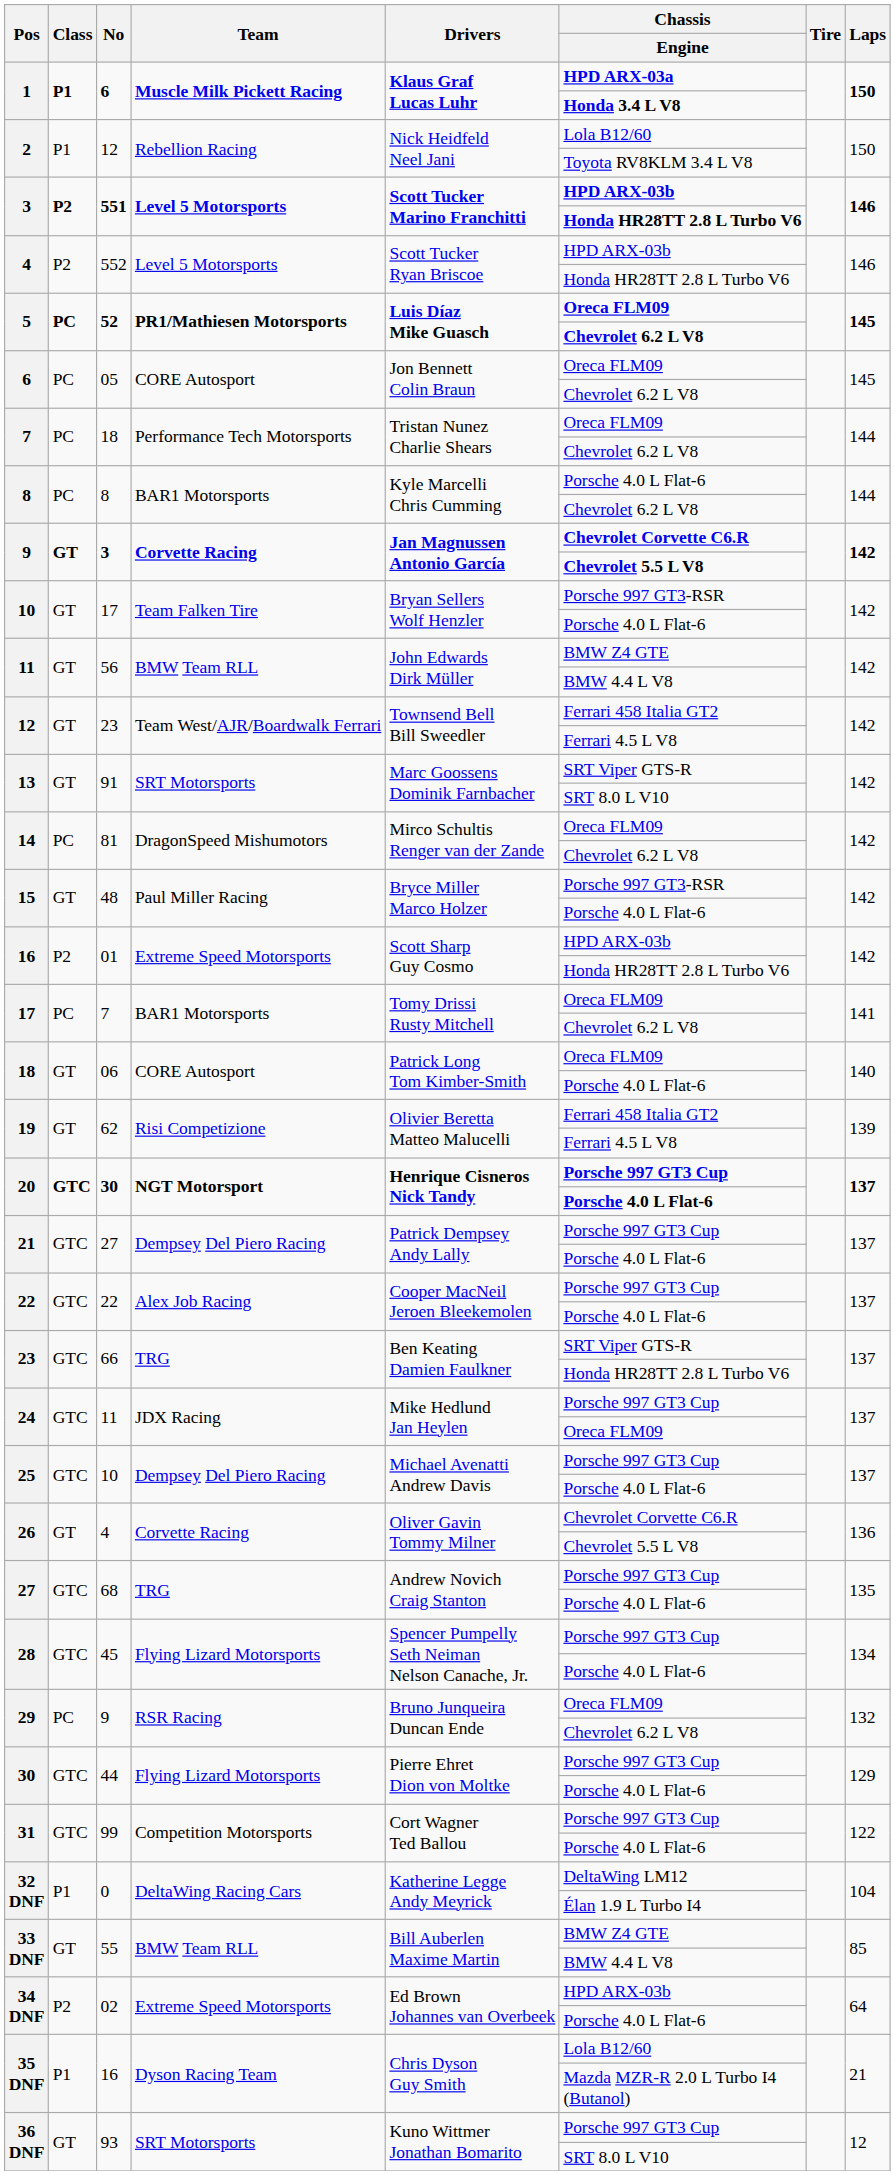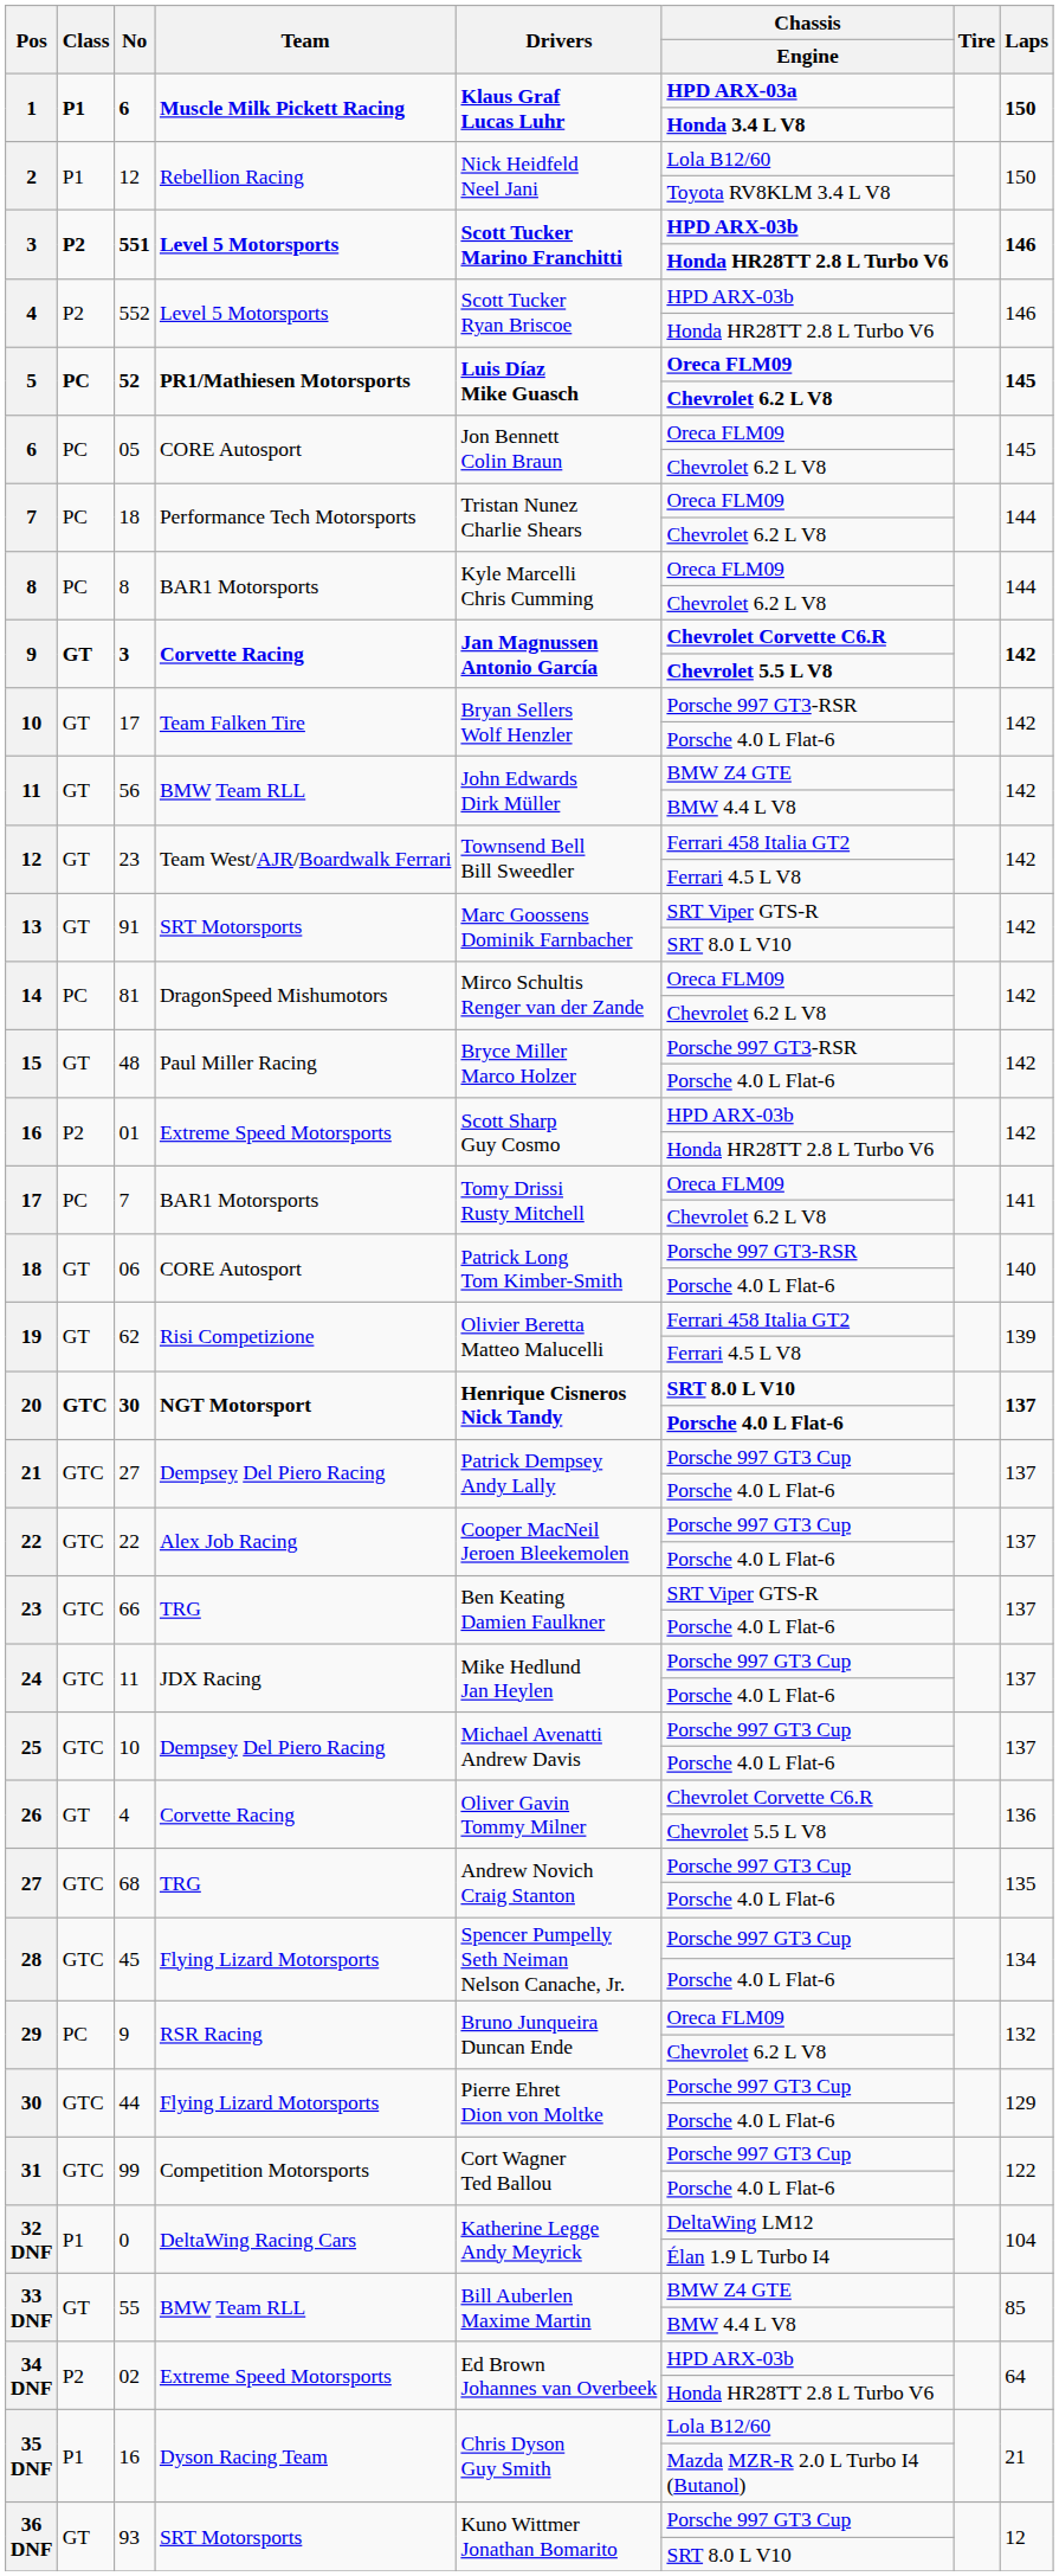 <table class="wikitable" style="font-size: 95%;">
 <tr>
 <th rowspan=2>Pos</th>
 <th rowspan=2>Class</th>
 <th rowspan=2>No</th>
 <th rowspan=2>Team</th>
 <th rowspan=2>Drivers</th>
 <th>Chassis</th>
 <th rowspan=2>Tire</th>
 <th rowspan=2>Laps</th>
 </tr>
 <tr>
 <th>Engine</th>
 </tr>
 <tr style="font-weight:bold">
 <th rowspan=2>1</th>
 <td rowspan=2>P1</td>
 <td rowspan=2>6</td>
 <td rowspan=2> <a href='#'>Muscle Milk Pickett Racing</a></td>
 <td rowspan=2> <a href='#'>Klaus Graf</a><br> <a href='#'>Lucas Luhr</a></td>
 <td><a href='#'>HPD ARX-03a</a></td>
 <td rowspan=2></td>
 <td rowspan=2>150</td>
 </tr>
 <tr style="font-weight:bold">
 <td><a href='#'>Honda</a> 3.4 L V8</td>
 </tr>
 <tr>
 <th rowspan=2>2</th>
 <td rowspan=2>P1</td>
 <td rowspan=2>12</td>
 <td rowspan=2> <a href='#'>Rebellion Racing</a></td>
 <td rowspan=2> <a href='#'>Nick Heidfeld</a><br> <a href='#'>Neel Jani</a></td>
 <td><a href='#'>Lola B12/60</a></td>
 <td rowspan=2></td>
 <td rowspan=2>150</td>
 </tr>
 <tr>
 <td><a href='#'>Toyota</a> RV8KLM 3.4 L V8</td>
 </tr>
 <tr style="font-weight:bold">
 <th rowspan=2>3</th>
 <td rowspan=2>P2</td>
 <td rowspan=2>551</td>
 <td rowspan=2> <a href='#'>Level 5 Motorsports</a></td>
 <td rowspan=2> <a href='#'>Scott Tucker</a><br> <a href='#'>Marino Franchitti</a></td>
 <td><a href='#'>HPD ARX-03b</a></td>
 <td rowspan=2></td>
 <td rowspan=2>146</td>
 </tr>
 <tr style="font-weight:bold">
 <td><a href='#'>Honda</a> HR28TT 2.8 L Turbo V6</td>
 </tr>
 <tr>
 <th rowspan=2>4</th>
 <td rowspan=2>P2</td>
 <td rowspan=2>552</td>
 <td rowspan=2> <a href='#'>Level 5 Motorsports</a></td>
 <td rowspan=2> <a href='#'>Scott Tucker</a><br> <a href='#'>Ryan Briscoe</a></td>
 <td><a href='#'>HPD ARX-03b</a></td>
 <td rowspan=2></td>
 <td rowspan=2>146</td>
 </tr>
 <tr>
 <td><a href='#'>Honda</a> HR28TT 2.8 L Turbo V6</td>
 </tr>
 <tr style="font-weight:bold">
 <th rowspan=2>5</th>
 <td rowspan=2>PC</td>
 <td rowspan=2>52</td>
 <td rowspan=2> PR1/Mathiesen Motorsports</td>
 <td rowspan=2> <a href='#'>Luis Díaz</a><br> Mike Guasch</td>
 <td><a href='#'>Oreca FLM09</a></td>
 <td rowspan=2></td>
 <td rowspan=2>145</td>
 </tr>
 <tr style="font-weight:bold">
 <td><a href='#'>Chevrolet</a> 6.2 L V8</td>
 </tr>
 <tr>
 <th rowspan=2>6</th>
 <td rowspan=2>PC</td>
 <td rowspan=2>05</td>
 <td rowspan=2> CORE Autosport</td>
 <td rowspan=2> Jon Bennett<br> <a href='#'>Colin Braun</a></td>
 <td><a href='#'>Oreca FLM09</a></td>
 <td rowspan=2></td>
 <td rowspan=2>145</td>
 </tr>
 <tr>
 <td><a href='#'>Chevrolet</a> 6.2 L V8</td>
 </tr>
 <tr>
 <th rowspan=2>7</th>
 <td rowspan=2>PC</td>
 <td rowspan=2>18</td>
 <td rowspan=2> Performance Tech Motorsports</td>
 <td rowspan=2> Tristan Nunez<br> Charlie Shears</td>
 <td><a href='#'>Oreca FLM09</a></td>
 <td rowspan=2></td>
 <td rowspan=2>144</td>
 </tr>
 <tr>
 <td><a href='#'>Chevrolet</a> 6.2 L V8</td>
 </tr>
 <tr>
 <th rowspan=2>8</th>
 <td rowspan=2>PC</td>
 <td rowspan=2>8</td>
 <td rowspan=2> BAR1 Motorsports</td>
 <td rowspan=2> Kyle Marcelli<br> Chris Cumming</td>
-<td><a href='#'>Porsche</a> 4.0 L Flat-6</td>
+<td><a href='#'>Oreca FLM09</a></td>
 <td rowspan=2></td>
 <td rowspan=2>144</td>
 </tr>
 <tr>
 <td><a href='#'>Chevrolet</a> 6.2 L V8</td>
 </tr>
 <tr style="font-weight:bold">
 <th rowspan=2>9</th>
 <td rowspan=2>GT</td>
 <td rowspan=2>3</td>
 <td rowspan=2> <a href='#'>Corvette Racing</a></td>
 <td rowspan=2> <a href='#'>Jan Magnussen</a><br> <a href='#'>Antonio García</a></td>
 <td><a href='#'>Chevrolet Corvette C6.R</a></td>
 <td rowspan=2></td>
 <td rowspan=2>142</td>
 </tr>
 <tr style="font-weight:bold">
 <td><a href='#'>Chevrolet</a> 5.5 L V8</td>
 </tr>
 <tr>
 <th rowspan=2>10</th>
 <td rowspan=2>GT</td>
 <td rowspan=2>17</td>
 <td rowspan=2> <a href='#'>Team Falken Tire</a></td>
 <td rowspan=2> <a href='#'>Bryan Sellers</a><br> <a href='#'>Wolf Henzler</a></td>
 <td><a href='#'>Porsche 997 GT3</a>-RSR</td>
 <td rowspan=2></td>
 <td rowspan=2>142</td>
 </tr>
 <tr>
 <td><a href='#'>Porsche</a> 4.0 L Flat-6</td>
 </tr>
 <tr>
 <th rowspan=2>11</th>
 <td rowspan=2>GT</td>
 <td rowspan=2>56</td>
 <td rowspan=2> <a href='#'>BMW</a> <a href='#'>Team RLL</a></td>
 <td rowspan=2> <a href='#'>John Edwards</a><br> <a href='#'>Dirk Müller</a></td>
 <td><a href='#'>BMW Z4 GTE</a></td>
 <td rowspan=2></td>
 <td rowspan=2>142</td>
 </tr>
 <tr>
 <td><a href='#'>BMW</a> 4.4 L V8</td>
 </tr>
 <tr>
 <th rowspan=2>12</th>
 <td rowspan=2>GT</td>
 <td rowspan=2>23</td>
 <td rowspan=2> Team West/<a href='#'>AJR</a>/<a href='#'>Boardwalk Ferrari</a></td>
 <td rowspan=2> <a href='#'>Townsend Bell</a><br> Bill Sweedler</td>
 <td><a href='#'>Ferrari 458 Italia GT2</a></td>
 <td rowspan=2></td>
 <td rowspan=2>142</td>
 </tr>
 <tr>
 <td><a href='#'>Ferrari</a> 4.5 L V8</td>
 </tr>
 <tr>
 <th rowspan=2>13</th>
 <td rowspan=2>GT</td>
 <td rowspan=2>91</td>
 <td rowspan=2> <a href='#'>SRT Motorsports</a></td>
 <td rowspan=2> <a href='#'>Marc Goossens</a><br> <a href='#'>Dominik Farnbacher</a></td>
 <td><a href='#'>SRT Viper</a> GTS-R</td>
 <td rowspan=2></td>
 <td rowspan=2>142</td>
 </tr>
 <tr>
 <td><a href='#'>SRT</a> 8.0 L V10</td>
 </tr>
 <tr>
 <th rowspan=2>14</th>
 <td rowspan=2>PC</td>
 <td rowspan=2>81</td>
 <td rowspan=2> DragonSpeed Mishumotors</td>
 <td rowspan=2> Mirco Schultis<br> <a href='#'>Renger van der Zande</a></td>
 <td><a href='#'>Oreca FLM09</a></td>
 <td rowspan=2></td>
 <td rowspan=2>142</td>
 </tr>
 <tr>
 <td><a href='#'>Chevrolet</a> 6.2 L V8</td>
 </tr>
 <tr>
 <th rowspan=2>15</th>
 <td rowspan=2>GT</td>
 <td rowspan=2>48</td>
 <td rowspan=2> Paul Miller Racing</td>
 <td rowspan=2> <a href='#'>Bryce Miller</a><br> <a href='#'>Marco Holzer</a></td>
 <td><a href='#'>Porsche 997 GT3</a>-RSR</td>
 <td rowspan=2></td>
 <td rowspan=2>142</td>
 </tr>
 <tr>
 <td><a href='#'>Porsche</a> 4.0 L Flat-6</td>
 </tr>
 <tr>
 <th rowspan=2>16</th>
 <td rowspan=2>P2</td>
 <td rowspan=2>01</td>
 <td rowspan=2> <a href='#'>Extreme Speed Motorsports</a></td>
 <td rowspan=2> <a href='#'>Scott Sharp</a><br> Guy Cosmo</td>
 <td><a href='#'>HPD ARX-03b</a></td>
 <td rowspan=2></td>
 <td rowspan=2>142</td>
 </tr>
 <tr>
 <td><a href='#'>Honda</a> HR28TT 2.8 L Turbo V6</td>
 </tr>
 <tr>
 <th rowspan=2>17</th>
 <td rowspan=2>PC</td>
 <td rowspan=2>7</td>
 <td rowspan=2> BAR1 Motorsports</td>
 <td rowspan=2> <a href='#'>Tomy Drissi</a><br> <a href='#'>Rusty Mitchell</a></td>
 <td><a href='#'>Oreca FLM09</a></td>
 <td rowspan=2></td>
 <td rowspan=2>141</td>
 </tr>
 <tr>
 <td><a href='#'>Chevrolet</a> 6.2 L V8</td>
 </tr>
 <tr>
 <th rowspan=2>18</th>
 <td rowspan=2>GT</td>
 <td rowspan=2>06</td>
 <td rowspan=2> CORE Autosport</td>
 <td rowspan=2> <a href='#'>Patrick Long</a><br> <a href='#'>Tom Kimber-Smith</a></td>
-<td><a href='#'>Oreca FLM09</a></td>
+<td><a href='#'>Porsche 997 GT3-RSR</a></td>
 <td rowspan=2></td>
 <td rowspan=2>140</td>
 </tr>
 <tr>
 <td><a href='#'>Porsche</a> 4.0 L Flat-6</td>
 </tr>
 <tr>
 <th rowspan=2>19</th>
 <td rowspan=2>GT</td>
 <td rowspan=2>62</td>
 <td rowspan=2> <a href='#'>Risi Competizione</a></td>
 <td rowspan=2> <a href='#'>Olivier Beretta</a><br> Matteo Malucelli</td>
 <td><a href='#'>Ferrari 458 Italia GT2</a></td>
 <td rowspan=2></td>
 <td rowspan=2>139</td>
 </tr>
 <tr>
 <td><a href='#'>Ferrari</a> 4.5 L V8</td>
 </tr>
 <tr style="font-weight:bold">
 <th rowspan=2>20</th>
 <td rowspan=2>GTC</td>
 <td rowspan=2>30</td>
 <td rowspan=2> NGT Motorsport</td>
 <td rowspan=2> Henrique Cisneros<br> <a href='#'>Nick Tandy</a></td>
-<td><a href='#'>Porsche 997 GT3 Cup</a></td>
+<td><a href='#'>SRT</a> 8.0 L V10</td>
 <td rowspan=2></td>
 <td rowspan=2>137</td>
 </tr>
 <tr style="font-weight:bold">
 <td><a href='#'>Porsche</a> 4.0 L Flat-6</td>
 </tr>
 <tr>
 <th rowspan=2>21</th>
 <td rowspan=2>GTC</td>
 <td rowspan=2>27</td>
 <td rowspan=2> <a href='#'>Dempsey</a> <a href='#'>Del Piero Racing</a></td>
 <td rowspan=2> <a href='#'>Patrick Dempsey</a><br> <a href='#'>Andy Lally</a></td>
 <td><a href='#'>Porsche 997 GT3 Cup</a></td>
 <td rowspan=2></td>
 <td rowspan=2>137</td>
 </tr>
 <tr>
 <td><a href='#'>Porsche</a> 4.0 L Flat-6</td>
 </tr>
 <tr>
 <th rowspan=2>22</th>
 <td rowspan=2>GTC</td>
 <td rowspan=2>22</td>
 <td rowspan=2> <a href='#'>Alex Job Racing</a></td>
 <td rowspan=2> <a href='#'>Cooper MacNeil</a><br> <a href='#'>Jeroen Bleekemolen</a></td>
 <td><a href='#'>Porsche 997 GT3 Cup</a></td>
 <td rowspan=2></td>
 <td rowspan=2>137</td>
 </tr>
 <tr>
 <td><a href='#'>Porsche</a> 4.0 L Flat-6</td>
 </tr>
 <tr>
 <th rowspan=2>23</th>
 <td rowspan=2>GTC</td>
 <td rowspan=2>66</td>
 <td rowspan=2> <a href='#'>TRG</a></td>
 <td rowspan=2> Ben Keating<br> <a href='#'>Damien Faulkner</a></td>
 <td><a href='#'>SRT Viper</a> GTS-R</td>
 <td rowspan=2></td>
 <td rowspan=2>137</td>
 </tr>
 <tr>
-<td><a href='#'>Honda</a> HR28TT 2.8 L Turbo V6</td>
+<td><a href='#'>Porsche</a> 4.0 L Flat-6</td>
 </tr>
 <tr>
 <th rowspan=2>24</th>
 <td rowspan=2>GTC</td>
 <td rowspan=2>11</td>
 <td rowspan=2> JDX Racing</td>
 <td rowspan=2> Mike Hedlund<br> <a href='#'>Jan Heylen</a></td>
 <td><a href='#'>Porsche 997 GT3 Cup</a></td>
 <td rowspan=2></td>
 <td rowspan=2>137</td>
 </tr>
 <tr>
-<td><a href='#'>Oreca FLM09</a></td>
+<td><a href='#'>Porsche</a> 4.0 L Flat-6</td>
 </tr>
 <tr>
 <th rowspan=2>25</th>
 <td rowspan=2>GTC</td>
 <td rowspan=2>10</td>
 <td rowspan=2> <a href='#'>Dempsey</a> <a href='#'>Del Piero Racing</a></td>
 <td rowspan=2> <a href='#'>Michael Avenatti</a><br> Andrew Davis</td>
 <td><a href='#'>Porsche 997 GT3 Cup</a></td>
 <td rowspan=2></td>
 <td rowspan=2>137</td>
 </tr>
 <tr>
 <td><a href='#'>Porsche</a> 4.0 L Flat-6</td>
 </tr>
 <tr>
 <th rowspan=2>26</th>
 <td rowspan=2>GT</td>
 <td rowspan=2>4</td>
 <td rowspan=2> <a href='#'>Corvette Racing</a></td>
 <td rowspan=2> <a href='#'>Oliver Gavin</a><br> <a href='#'>Tommy Milner</a></td>
 <td><a href='#'>Chevrolet Corvette C6.R</a></td>
 <td rowspan=2></td>
 <td rowspan=2>136</td>
 </tr>
 <tr>
 <td><a href='#'>Chevrolet</a> 5.5 L V8</td>
 </tr>
 <tr>
 <th rowspan=2>27</th>
 <td rowspan=2>GTC</td>
 <td rowspan=2>68</td>
 <td rowspan=2> <a href='#'>TRG</a></td>
 <td rowspan=2> Andrew Novich<br> <a href='#'>Craig Stanton</a></td>
 <td><a href='#'>Porsche 997 GT3 Cup</a></td>
 <td rowspan=2></td>
 <td rowspan=2>135</td>
 </tr>
 <tr>
 <td><a href='#'>Porsche</a> 4.0 L Flat-6</td>
 </tr>
 <tr>
 <th rowspan=2>28</th>
 <td rowspan=2>GTC</td>
 <td rowspan=2>45</td>
 <td rowspan=2> <a href='#'>Flying Lizard Motorsports</a></td>
 <td rowspan=2> <a href='#'>Spencer Pumpelly</a><br> <a href='#'>Seth Neiman</a><br> Nelson Canache, Jr.</td>
 <td><a href='#'>Porsche 997 GT3 Cup</a></td>
 <td rowspan=2></td>
 <td rowspan=2>134</td>
 </tr>
 <tr>
 <td><a href='#'>Porsche</a> 4.0 L Flat-6</td>
 </tr>
 <tr>
 <th rowspan=2>29</th>
 <td rowspan=2>PC</td>
 <td rowspan=2>9</td>
 <td rowspan=2> <a href='#'>RSR Racing</a></td>
 <td rowspan=2> <a href='#'>Bruno Junqueira</a><br> Duncan Ende</td>
 <td><a href='#'>Oreca FLM09</a></td>
 <td rowspan=2></td>
 <td rowspan=2>132</td>
 </tr>
 <tr>
 <td><a href='#'>Chevrolet</a> 6.2 L V8</td>
 </tr>
 <tr>
 <th rowspan=2>30</th>
 <td rowspan=2>GTC</td>
 <td rowspan=2>44</td>
 <td rowspan=2> <a href='#'>Flying Lizard Motorsports</a></td>
 <td rowspan=2> Pierre Ehret<br> <a href='#'>Dion von Moltke</a></td>
 <td><a href='#'>Porsche 997 GT3 Cup</a></td>
 <td rowspan=2></td>
 <td rowspan=2>129</td>
 </tr>
 <tr>
 <td><a href='#'>Porsche</a> 4.0 L Flat-6</td>
 </tr>
 <tr>
 <th rowspan=2>31</th>
 <td rowspan=2>GTC</td>
 <td rowspan=2>99</td>
 <td rowspan=2> Competition Motorsports</td>
 <td rowspan=2> Cort Wagner<br> Ted Ballou</td>
 <td><a href='#'>Porsche 997 GT3 Cup</a></td>
 <td rowspan=2></td>
 <td rowspan=2>122</td>
 </tr>
 <tr>
 <td><a href='#'>Porsche</a> 4.0 L Flat-6</td>
 </tr>
 <tr>
 <th rowspan=2>32<br>DNF</th>
 <td rowspan=2>P1</td>
 <td rowspan=2>0</td>
 <td rowspan=2> <a href='#'>DeltaWing Racing Cars</a></td>
 <td rowspan=2> <a href='#'>Katherine Legge</a><br> <a href='#'>Andy Meyrick</a></td>
 <td><a href='#'>DeltaWing</a> LM12</td>
 <td rowspan=2></td>
 <td rowspan=2>104</td>
 </tr>
 <tr>
 <td><a href='#'>Élan</a> 1.9 L Turbo I4</td>
 </tr>
 <tr>
 <th rowspan=2>33<br>DNF</th>
 <td rowspan=2>GT</td>
 <td rowspan=2>55</td>
 <td rowspan=2> <a href='#'>BMW</a> <a href='#'>Team RLL</a></td>
 <td rowspan=2> <a href='#'>Bill Auberlen</a><br> <a href='#'>Maxime Martin</a></td>
 <td><a href='#'>BMW Z4 GTE</a></td>
 <td rowspan=2></td>
 <td rowspan=2>85</td>
 </tr>
 <tr>
 <td><a href='#'>BMW</a> 4.4 L V8</td>
 </tr>
 <tr>
 <th rowspan=2>34<br>DNF</th>
 <td rowspan=2>P2</td>
 <td rowspan=2>02</td>
 <td rowspan=2> <a href='#'>Extreme Speed Motorsports</a></td>
 <td rowspan=2> Ed Brown<br> <a href='#'>Johannes van Overbeek</a></td>
 <td><a href='#'>HPD ARX-03b</a></td>
 <td rowspan=2></td>
 <td rowspan=2>64</td>
 </tr>
 <tr>
-<td><a href='#'>Porsche</a> 4.0 L Flat-6</td>
+<td><a href='#'>Honda</a> HR28TT 2.8 L Turbo V6</td>
 </tr>
 <tr>
 <th rowspan=2>35<br>DNF</th>
 <td rowspan=2>P1</td>
 <td rowspan=2>16</td>
 <td rowspan=2> <a href='#'>Dyson Racing Team</a></td>
 <td rowspan=2> <a href='#'>Chris Dyson</a><br> <a href='#'>Guy Smith</a></td>
 <td><a href='#'>Lola B12/60</a></td>
 <td rowspan=2></td>
 <td rowspan=2>21</td>
 </tr>
 <tr>
 <td><a href='#'>Mazda</a> <a href='#'>MZR-R</a> 2.0 L Turbo I4<br>(<a href='#'>Butanol</a>)</td>
 </tr>
 <tr>
 <th rowspan=2>36<br>DNF</th>
 <td rowspan=2>GT</td>
 <td rowspan=2>93</td>
 <td rowspan=2> <a href='#'>SRT Motorsports</a></td>
 <td rowspan=2> Kuno Wittmer<br> <a href='#'>Jonathan Bomarito</a></td>
 <td><a href='#'>Porsche 997 GT3 Cup</a></td>
 <td rowspan=2></td>
 <td rowspan=2>12</td>
 </tr>
 <tr>
 <td><a href='#'>SRT</a> 8.0 L V10</td>
 </tr>
 <tr>
 </tr>
 </table>
